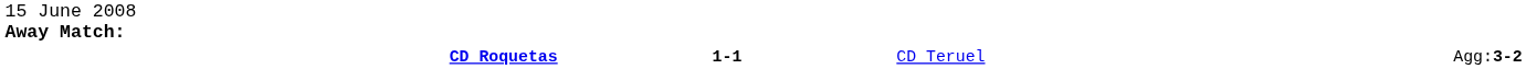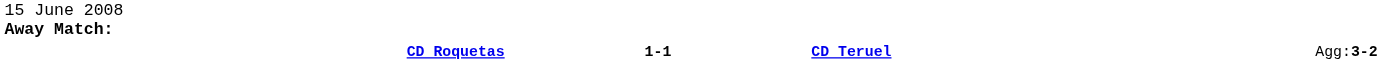 <table width=100% cellspacing=1>
 <tr>
 <th width=20%></th>
 <th width=12%></th>
 <th width=20%></th>
 <th></th>
 </tr>
 <tr>
 <td>15 June 2008<br><strong>Away Match:</strong></td>
 </tr>
 <tr style=font-size:90%>
 <td align=right><strong><a href='#'>CD Roquetas</a></strong></td>
 <td align=center><strong>1-1</strong></td>
-<td><a href='#'>CD Teruel</a></td>
+<td><strong><a href='#'>CD Teruel</a></strong></td>
 <td>Agg:<strong>3-2</strong></td>
 </tr>
 </table>
